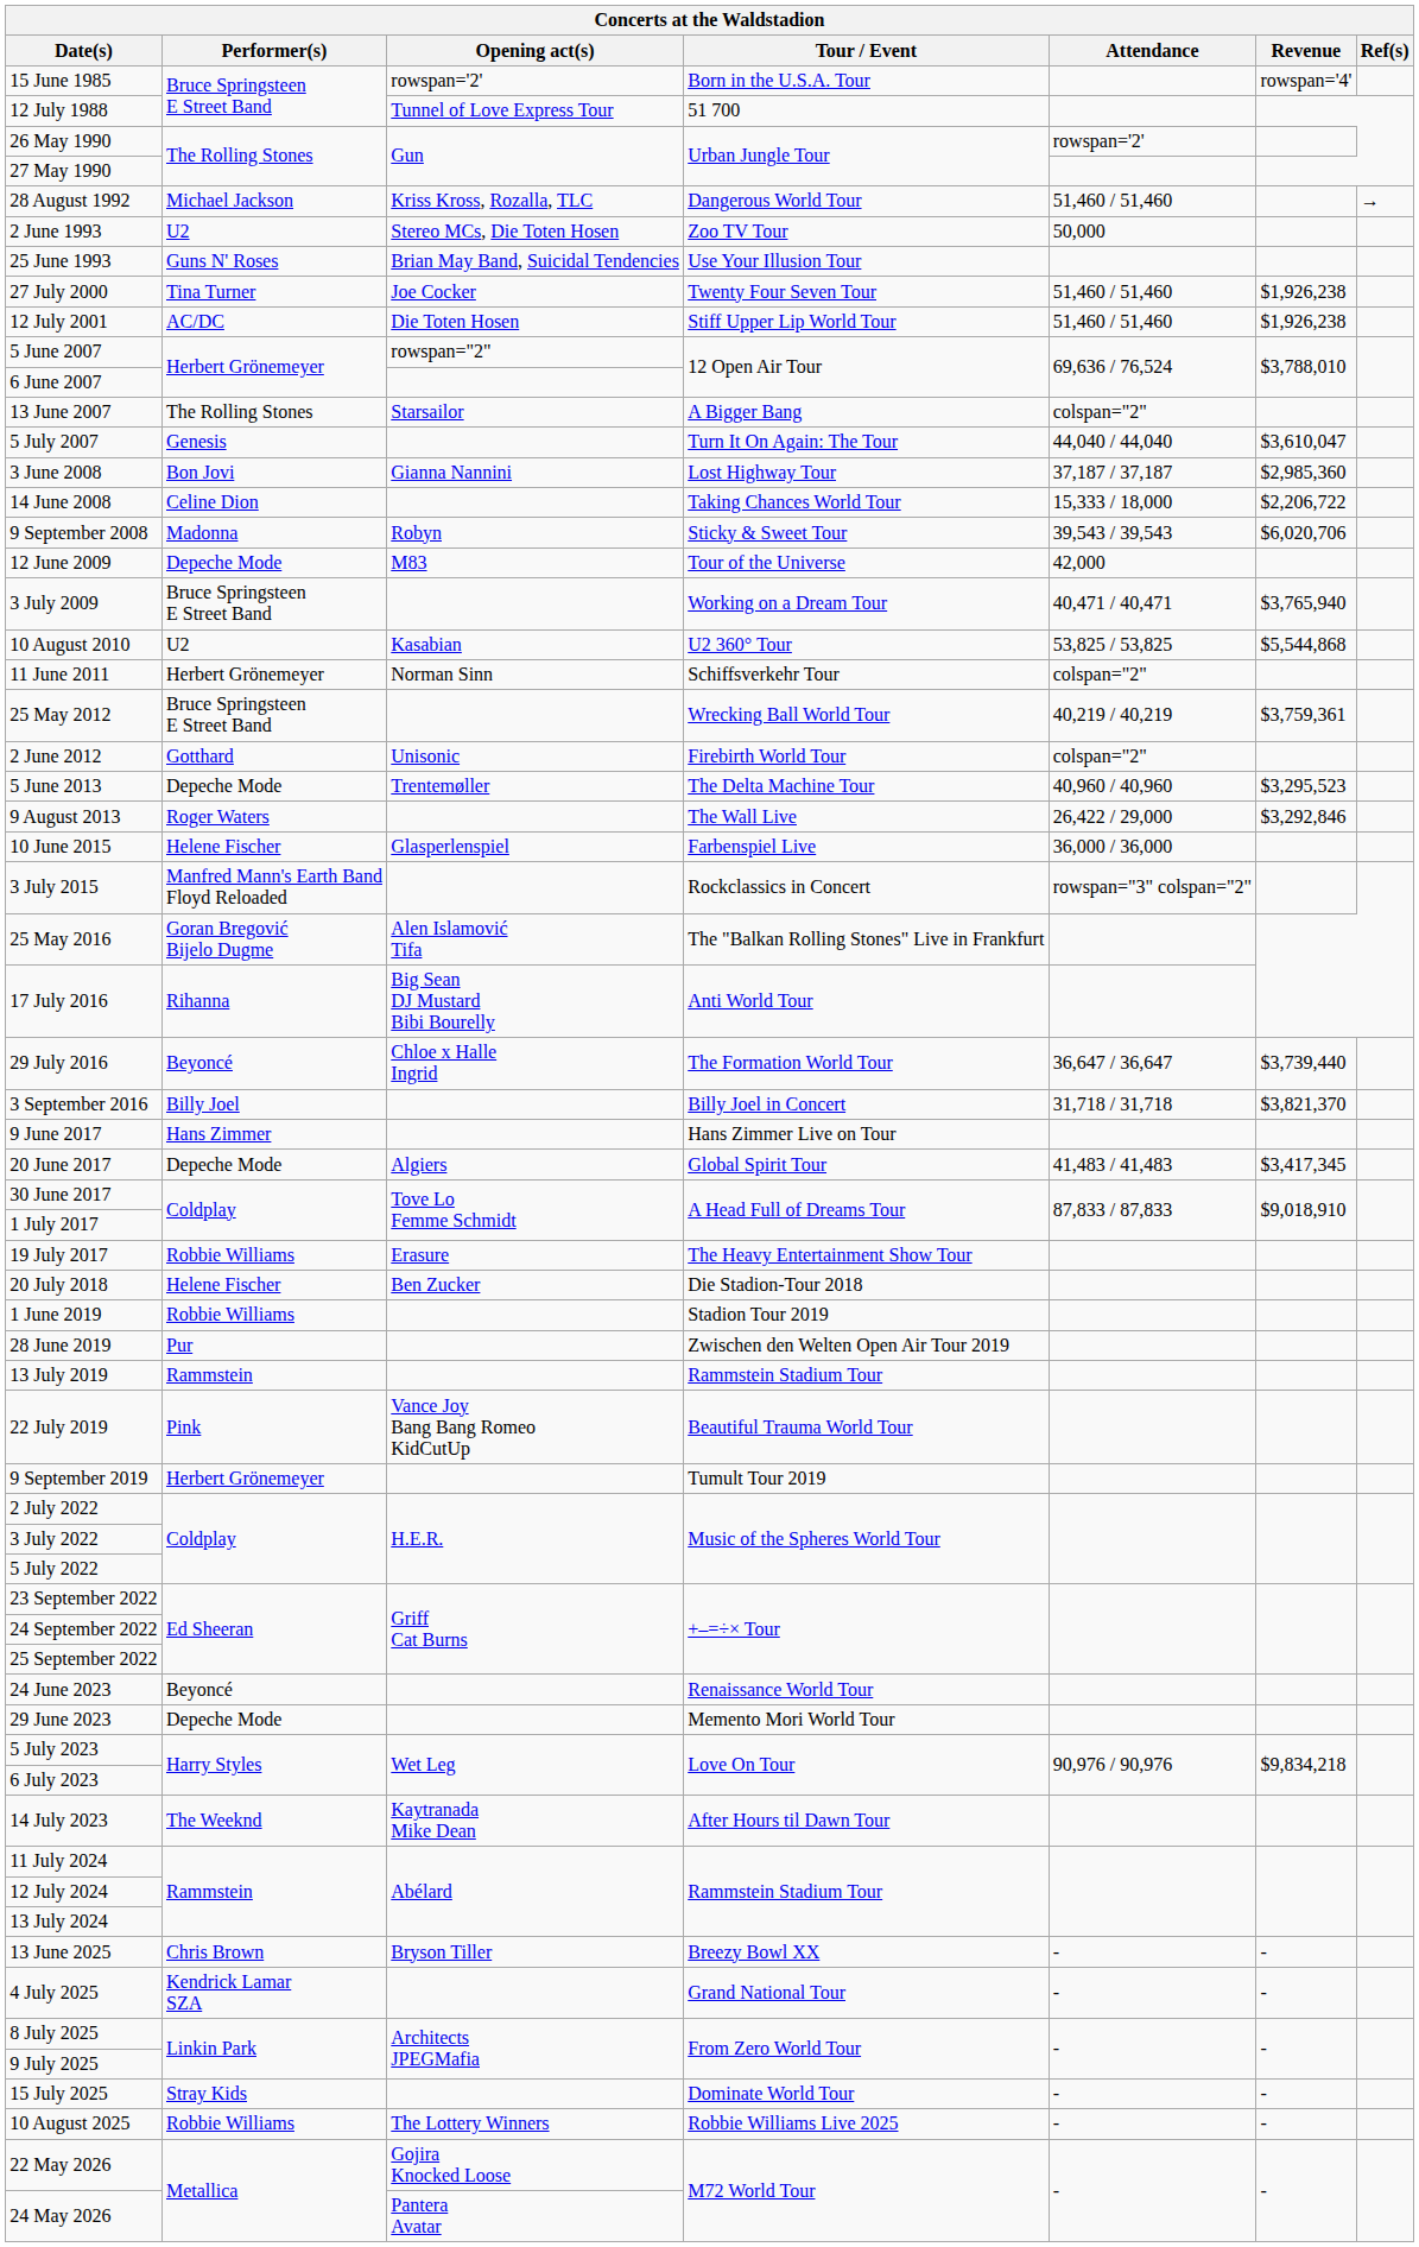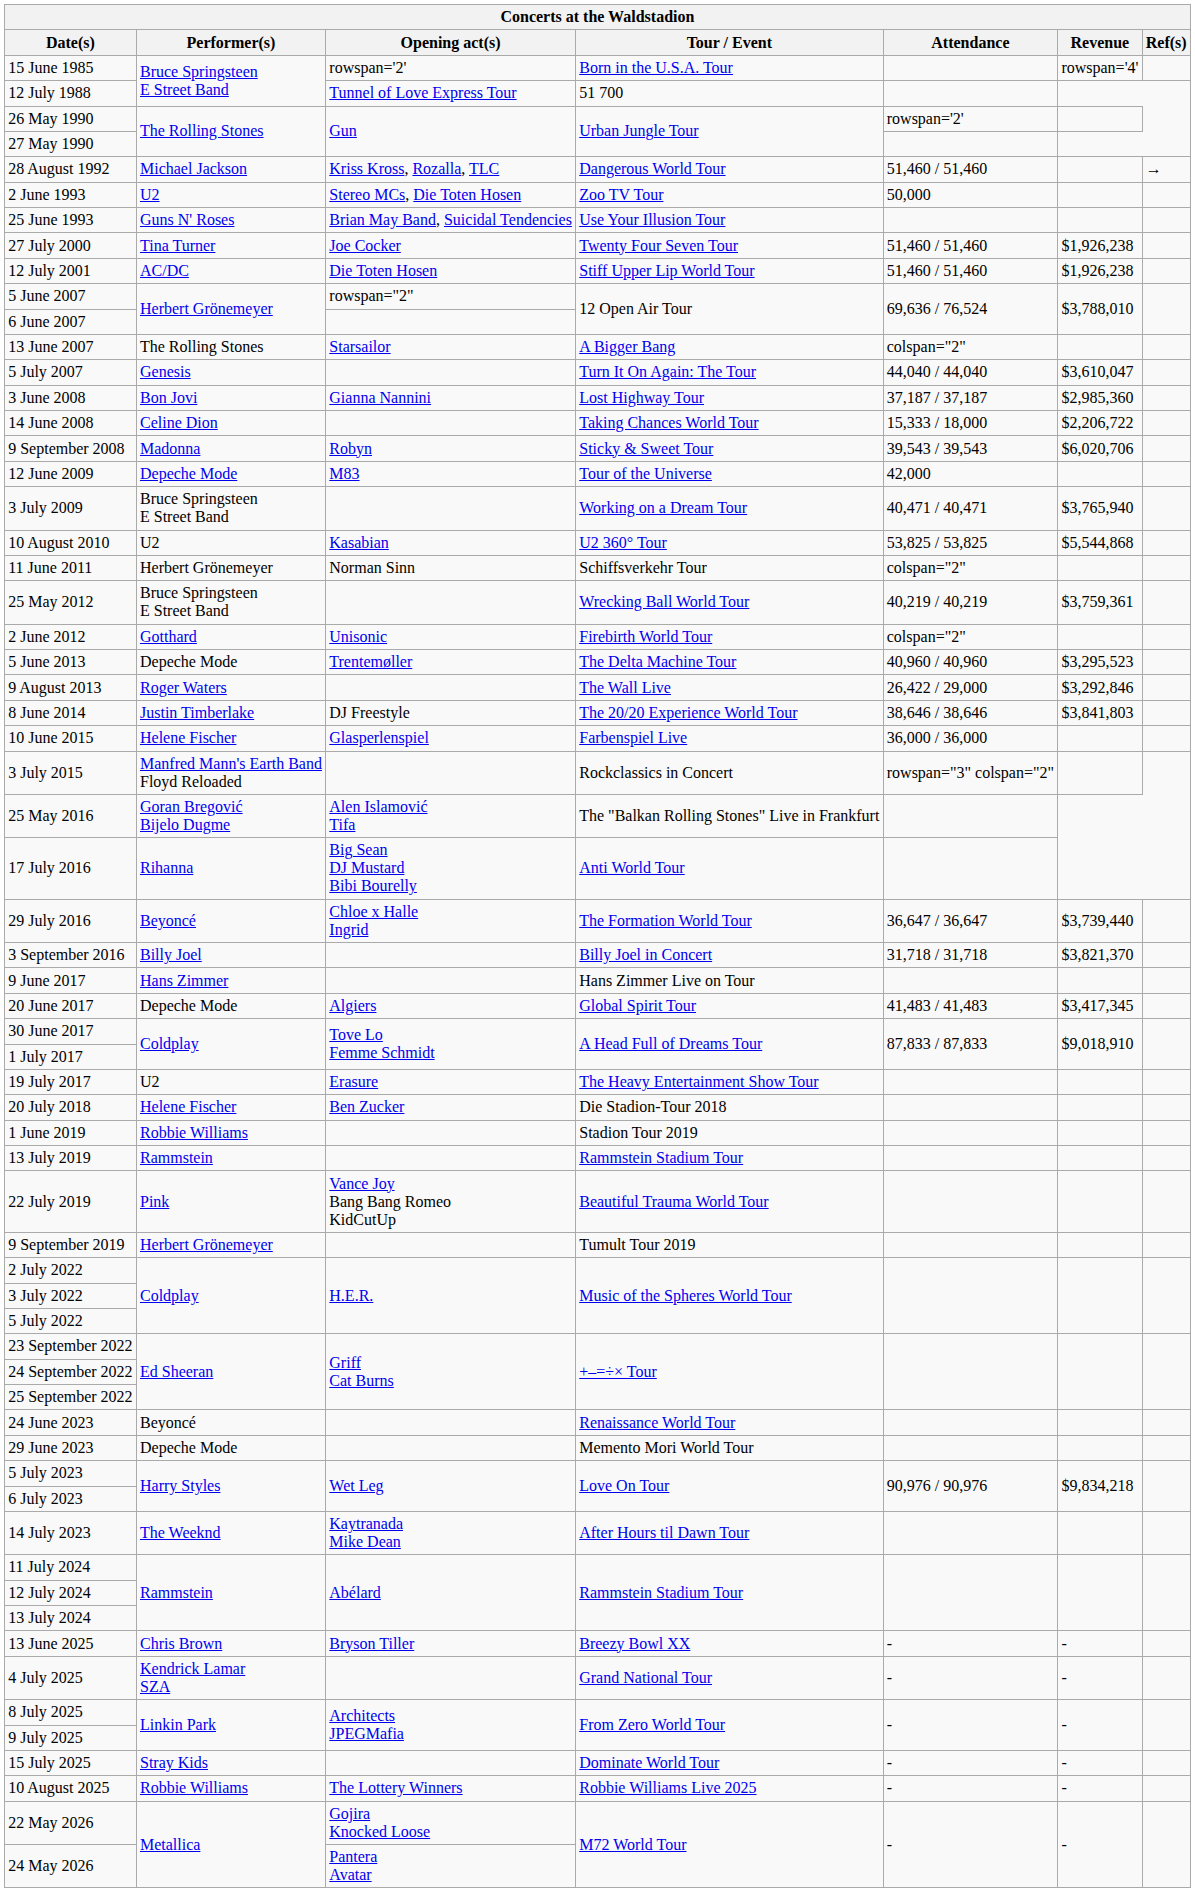 <table class="wikitable mw-collapsible collapsible collapsed">
 <tr>
 <th colspan="7">Concerts at the Waldstadion</th>
 </tr>
 <tr>
 <th>Date(s)</th>
 <th>Performer(s)</th>
 <th>Opening act(s)</th>
 <th>Tour / Event</th>
 <th>Attendance</th>
 <th>Revenue</th>
 <th>Ref(s)</th>
 </tr>
 <tr>
 <td>15 June 1985</td>
 <td rowspan='2'><a href='#'>Bruce Springsteen</a><br><a href='#'>E Street Band</a></td>
 <td>rowspan='2'</td>
 <td><a href='#'>Born in the U.S.A. Tour</a></td>
 <td></td>
 <td>rowspan='4'</td>
 <td></td>
 </tr>
 <tr>
 <td>12 July 1988</td>
 <td><a href='#'>Tunnel of Love Express Tour</a></td>
 <td>51 700</td>
 <td></td>
 </tr>
 <tr>
 <td>26 May 1990</td>
 <td rowspan='2'><a href='#'>The Rolling Stones</a></td>
 <td rowspan='2'><a href='#'>Gun</a></td>
 <td rowspan='2'><a href='#'>Urban Jungle Tour</a></td>
 <td>rowspan='2' </td>
 <td></td>
 </tr>
 <tr>
 <td>27 May 1990</td>
 <td></td>
 </tr>
 <tr>
 <td>28 August 1992</td>
 <td><a href='#'>Michael Jackson</a></td>
 <td><a href='#'>Kriss Kross</a>, <a href='#'>Rozalla</a>, <a href='#'>TLC</a></td>
 <td><a href='#'>Dangerous World Tour</a></td>
 <td>51,460 / 51,460</td>
 <td></td>
 <td>→</td>
 </tr>
 <tr>
 <td>2 June 1993</td>
 <td><a href='#'>U2</a></td>
 <td><a href='#'>Stereo MCs</a>, <a href='#'>Die Toten Hosen</a></td>
 <td><a href='#'>Zoo TV Tour</a></td>
 <td>50,000</td>
 <td></td>
 <td></td>
 </tr>
 <tr>
 <td>25 June 1993</td>
 <td><a href='#'>Guns N' Roses</a></td>
 <td><a href='#'>Brian May Band</a>, <a href='#'>Suicidal Tendencies</a></td>
 <td><a href='#'>Use Your Illusion Tour</a></td>
 <td></td>
 <td></td>
 <td></td>
 </tr>
 <tr>
 <td>27 July 2000</td>
 <td><a href='#'>Tina Turner</a></td>
 <td><a href='#'>Joe Cocker</a></td>
 <td><a href='#'>Twenty Four Seven Tour</a></td>
 <td>51,460 / 51,460</td>
 <td>$1,926,238</td>
 <td></td>
 </tr>
 <tr>
 <td>12 July 2001</td>
 <td><a href='#'>AC/DC</a></td>
 <td><a href='#'>Die Toten Hosen</a></td>
 <td><a href='#'>Stiff Upper Lip World Tour</a></td>
 <td>51,460 / 51,460</td>
 <td>$1,926,238</td>
 <td></td>
 </tr>
 <tr>
 <td>5 June 2007</td>
 <td rowspan="2"><a href='#'>Herbert Grönemeyer</a></td>
 <td>rowspan="2" </td>
 <td rowspan="2">12 Open Air Tour</td>
 <td rowspan="2">69,636 / 76,524</td>
 <td rowspan="2">$3,788,010</td>
 <td rowspan="2"></td>
 </tr>
 <tr>
 <td>6 June 2007</td>
 </tr>
 <tr>
 <td>13 June 2007</td>
 <td>The Rolling Stones</td>
 <td><a href='#'>Starsailor</a></td>
 <td><a href='#'>A Bigger Bang</a></td>
 <td>colspan="2" </td>
 <td></td>
 </tr>
 <tr>
 <td>5 July 2007</td>
 <td><a href='#'>Genesis</a></td>
 <td></td>
 <td><a href='#'>Turn It On Again: The Tour</a></td>
 <td>44,040 / 44,040</td>
 <td>$3,610,047</td>
 <td></td>
 </tr>
 <tr>
 <td>3 June 2008</td>
 <td><a href='#'>Bon Jovi</a></td>
 <td><a href='#'>Gianna Nannini</a></td>
 <td><a href='#'>Lost Highway Tour</a></td>
 <td>37,187 / 37,187</td>
 <td>$2,985,360</td>
 <td></td>
 </tr>
 <tr>
 <td>14 June 2008</td>
 <td><a href='#'>Celine Dion</a></td>
 <td></td>
 <td><a href='#'>Taking Chances World Tour</a></td>
 <td>15,333 / 18,000</td>
 <td>$2,206,722</td>
 <td></td>
 </tr>
 <tr>
 <td>9 September 2008</td>
 <td><a href='#'>Madonna</a></td>
 <td><a href='#'>Robyn</a></td>
 <td><a href='#'>Sticky & Sweet Tour</a></td>
 <td>39,543 / 39,543</td>
 <td>$6,020,706</td>
 <td></td>
 </tr>
 <tr>
 <td>12 June 2009</td>
 <td><a href='#'>Depeche Mode</a></td>
 <td><a href='#'>M83</a></td>
 <td><a href='#'>Tour of the Universe</a></td>
 <td>42,000</td>
 <td></td>
 <td></td>
 </tr>
 <tr>
 <td>3 July 2009</td>
 <td>Bruce Springsteen<br>E Street Band</td>
 <td></td>
 <td><a href='#'>Working on a Dream Tour</a></td>
 <td>40,471 / 40,471</td>
 <td>$3,765,940</td>
 <td></td>
 </tr>
 <tr>
 <td>10 August 2010</td>
 <td>U2</td>
 <td><a href='#'>Kasabian</a></td>
 <td><a href='#'>U2 360° Tour</a></td>
 <td>53,825 / 53,825</td>
 <td>$5,544,868</td>
 <td></td>
 </tr>
 <tr>
 <td>11 June 2011</td>
 <td>Herbert Grönemeyer</td>
 <td>Norman Sinn</td>
 <td>Schiffsverkehr Tour</td>
 <td>colspan="2" </td>
 <td></td>
 </tr>
 <tr>
 <td>25 May 2012</td>
 <td>Bruce Springsteen<br>E Street Band</td>
 <td></td>
 <td><a href='#'>Wrecking Ball World Tour</a></td>
 <td>40,219 / 40,219</td>
 <td>$3,759,361</td>
 <td></td>
 </tr>
 <tr>
 <td>2 June 2012</td>
 <td><a href='#'>Gotthard</a></td>
 <td><a href='#'>Unisonic</a></td>
 <td><a href='#'>Firebirth World Tour</a></td>
 <td>colspan="2" </td>
 <td></td>
 </tr>
 <tr>
 <td>5 June 2013</td>
 <td>Depeche Mode</td>
 <td><a href='#'>Trentemøller</a></td>
 <td><a href='#'>The Delta Machine Tour</a></td>
 <td>40,960 / 40,960</td>
 <td>$3,295,523</td>
 <td></td>
 </tr>
 <tr>
 <td>9 August 2013</td>
 <td><a href='#'>Roger Waters</a></td>
 <td></td>
 <td><a href='#'>The Wall Live</a></td>
 <td>26,422 / 29,000</td>
 <td>$3,292,846</td>
 <td></td>
 </tr>
 <tr>
+<td>8 June 2014</td>
+<td><a href='#'>Justin Timberlake</a></td>
+<td>DJ Freestyle</td>
+<td><a href='#'>The 20/20 Experience World Tour</a></td>
+<td>38,646 / 38,646</td>
+<td>$3,841,803</td>
+<td></td>
+</tr>
+<tr>
 <td>10 June 2015</td>
 <td><a href='#'>Helene Fischer</a></td>
 <td><a href='#'>Glasperlenspiel</a></td>
 <td><a href='#'>Farbenspiel Live</a></td>
 <td>36,000 / 36,000</td>
 <td></td>
 <td></td>
 </tr>
 <tr>
 <td>3 July 2015</td>
 <td><a href='#'>Manfred Mann's Earth Band</a><br>Floyd Reloaded</td>
 <td></td>
 <td>Rockclassics in Concert</td>
 <td>rowspan="3" colspan="2" </td>
 <td></td>
 </tr>
 <tr>
 <td>25 May 2016</td>
 <td><a href='#'>Goran Bregović</a><br><a href='#'>Bijelo Dugme</a></td>
 <td><a href='#'>Alen Islamović</a><br><a href='#'>Tifa</a></td>
 <td>The "Balkan Rolling Stones" Live in Frankfurt</td>
 <td></td>
 </tr>
 <tr>
 <td>17 July 2016</td>
 <td><a href='#'>Rihanna</a></td>
 <td><a href='#'>Big Sean</a><br><a href='#'>DJ Mustard</a><br><a href='#'>Bibi Bourelly</a></td>
 <td><a href='#'>Anti World Tour</a></td>
 <td></td>
 </tr>
 <tr>
 <td>29 July 2016</td>
 <td><a href='#'>Beyoncé</a></td>
 <td><a href='#'>Chloe x Halle</a><br><a href='#'>Ingrid</a></td>
 <td><a href='#'>The Formation World Tour</a></td>
 <td>36,647 / 36,647</td>
 <td>$3,739,440</td>
 <td></td>
 </tr>
 <tr>
 <td>3 September 2016</td>
 <td><a href='#'>Billy Joel</a></td>
 <td></td>
 <td><a href='#'>Billy Joel in Concert</a></td>
 <td>31,718 / 31,718</td>
 <td>$3,821,370</td>
 <td></td>
 </tr>
 <tr>
 <td>9 June 2017</td>
 <td><a href='#'>Hans Zimmer</a></td>
 <td></td>
 <td>Hans Zimmer Live on Tour</td>
 <td></td>
 <td></td>
 <td></td>
 </tr>
 <tr>
 <td>20 June 2017</td>
 <td>Depeche Mode</td>
 <td><a href='#'>Algiers</a></td>
 <td><a href='#'>Global Spirit Tour</a></td>
 <td>41,483 / 41,483</td>
 <td>$3,417,345</td>
 <td></td>
 </tr>
 <tr>
 <td>30 June 2017</td>
 <td rowspan="2"><a href='#'>Coldplay</a></td>
 <td rowspan="2"><a href='#'>Tove Lo</a><br><a href='#'>Femme Schmidt</a></td>
 <td rowspan="2"><a href='#'>A Head Full of Dreams Tour</a></td>
 <td rowspan="2">87,833 / 87,833</td>
 <td rowspan="2">$9,018,910</td>
 <td rowspan="2"></td>
 </tr>
 <tr>
 <td>1 July 2017</td>
 </tr>
 <tr>
 <td>19 July 2017</td>
-<td><a href='#'>Robbie Williams</a></td>
+<td>U2</td>
 <td><a href='#'>Erasure</a></td>
 <td><a href='#'>The Heavy Entertainment Show Tour</a></td>
 <td></td>
 <td></td>
 <td></td>
 </tr>
 <tr>
 <td>20 July 2018</td>
 <td><a href='#'>Helene Fischer</a></td>
 <td><a href='#'>Ben Zucker</a></td>
 <td>Die Stadion-Tour 2018</td>
 <td></td>
 <td></td>
 <td></td>
 </tr>
 <tr>
 <td>1 June 2019</td>
 <td><a href='#'>Robbie Williams</a></td>
 <td></td>
 <td>Stadion Tour 2019</td>
-<td></td>
-<td></td>
-<td></td>
-</tr>
-<tr>
-<td>28 June 2019</td>
-<td><a href='#'>Pur</a></td>
-<td></td>
-<td>Zwischen den Welten Open Air Tour 2019</td>
 <td></td>
 <td></td>
 <td></td>
 </tr>
 <tr>
 <td>13 July 2019</td>
 <td><a href='#'>Rammstein</a></td>
 <td></td>
 <td><a href='#'>Rammstein Stadium Tour</a></td>
 <td></td>
 <td></td>
 <td></td>
 </tr>
 <tr>
 <td>22 July 2019</td>
 <td><a href='#'>Pink</a></td>
 <td><a href='#'>Vance Joy</a><br>Bang Bang Romeo<br>KidCutUp</td>
 <td><a href='#'>Beautiful Trauma World Tour</a></td>
 <td></td>
 <td></td>
 <td></td>
 </tr>
 <tr>
 <td>9 September 2019</td>
 <td><a href='#'>Herbert Grönemeyer</a></td>
 <td></td>
 <td>Tumult Tour 2019</td>
 <td></td>
 <td></td>
 <td></td>
 </tr>
 <tr>
 <td>2 July 2022</td>
 <td rowspan="3"><a href='#'>Coldplay</a></td>
 <td rowspan="3"><a href='#'>H.E.R.</a></td>
 <td rowspan="3"><a href='#'>Music of the Spheres World Tour</a></td>
 <td rowspan="3"></td>
 <td rowspan="3"></td>
 <td rowspan="3"></td>
 </tr>
 <tr>
 <td>3 July 2022</td>
 </tr>
 <tr>
 <td>5 July 2022</td>
 </tr>
 <tr>
 <td>23 September 2022</td>
 <td rowspan="3"><a href='#'>Ed Sheeran</a></td>
 <td rowspan="3"><a href='#'>Griff</a> <br> <a href='#'>Cat Burns</a></td>
 <td rowspan="3"><a href='#'>+–=÷× Tour</a></td>
 <td rowspan="3"></td>
 <td rowspan="3"></td>
 <td rowspan="3"></td>
 </tr>
 <tr>
 <td>24 September 2022</td>
 </tr>
 <tr>
 <td>25 September 2022</td>
 </tr>
 <tr>
 <td>24 June 2023</td>
 <td>Beyoncé</td>
 <td></td>
 <td><a href='#'>Renaissance World Tour</a></td>
 <td></td>
 <td></td>
 <td> </td>
 </tr>
 <tr>
 <td>29 June 2023</td>
 <td>Depeche Mode</td>
 <td></td>
 <td>Memento Mori World Tour</td>
 <td></td>
 <td></td>
 <td></td>
 </tr>
 <tr>
 <td>5 July 2023</td>
 <td rowspan="2"><a href='#'>Harry Styles</a></td>
 <td rowspan="2"><a href='#'>Wet Leg</a></td>
 <td rowspan="2"><a href='#'>Love On Tour</a></td>
 <td rowspan="2">90,976 / 90,976</td>
 <td rowspan="2">$9,834,218</td>
 <td rowspan="2"></td>
 </tr>
 <tr>
 <td>6 July 2023</td>
 </tr>
 <tr>
 <td>14 July 2023</td>
 <td><a href='#'>The Weeknd</a></td>
 <td><a href='#'>Kaytranada</a><br><a href='#'>Mike Dean</a></td>
 <td><a href='#'>After Hours til Dawn Tour</a></td>
 <td></td>
 <td></td>
 <td></td>
 </tr>
 <tr>
 <td>11 July 2024</td>
 <td rowspan="3"><a href='#'>Rammstein</a></td>
 <td rowspan="3"><a href='#'>Abélard</a></td>
 <td rowspan="3"><a href='#'>Rammstein Stadium Tour</a></td>
 <td rowspan="3"></td>
 <td rowspan="3"></td>
 <td rowspan="3"></td>
 </tr>
 <tr>
 <td>12 July 2024</td>
 </tr>
 <tr>
 <td>13 July 2024</td>
 </tr>
 <tr>
 <td>13 June 2025</td>
 <td><a href='#'>Chris Brown</a></td>
 <td><a href='#'>Bryson Tiller</a></td>
 <td><a href='#'>Breezy Bowl XX</a></td>
 <td>-</td>
 <td>-</td>
 <td></td>
 </tr>
 <tr>
 <td>4 July 2025</td>
 <td><a href='#'>Kendrick Lamar</a><br><a href='#'>SZA</a></td>
 <td></td>
 <td><a href='#'>Grand National Tour</a></td>
 <td>-</td>
 <td>-</td>
 <td></td>
 </tr>
 <tr>
 <td>8 July 2025</td>
 <td rowspan="2"><a href='#'>Linkin Park</a></td>
 <td rowspan="2"><a href='#'>Architects</a> <br> <a href='#'>JPEGMafia</a></td>
 <td rowspan="2"><a href='#'>From Zero World Tour</a></td>
 <td rowspan="2">-</td>
 <td rowspan="2">-</td>
 <td rowspan="2"></td>
 </tr>
 <tr>
 <td>9 July 2025</td>
 </tr>
 <tr>
 <td>15 July 2025</td>
 <td><a href='#'>Stray Kids</a></td>
 <td></td>
 <td><a href='#'>Dominate World Tour</a></td>
 <td>-</td>
 <td>-</td>
 <td></td>
 </tr>
 <tr>
 <td>10 August 2025</td>
 <td><a href='#'>Robbie Williams</a></td>
 <td><a href='#'>The Lottery Winners</a></td>
 <td><a href='#'>Robbie Williams Live 2025</a></td>
 <td>-</td>
 <td>-</td>
 <td></td>
 </tr>
 <tr>
 <td>22 May 2026</td>
 <td rowspan="2"><a href='#'>Metallica</a></td>
 <td><a href='#'>Gojira</a> <br> <a href='#'>Knocked Loose</a></td>
 <td rowspan="2"><a href='#'>M72 World Tour</a></td>
 <td rowspan="2">-</td>
 <td rowspan="2">-</td>
 <td rowspan="2"></td>
 </tr>
 <tr>
 <td>24 May 2026</td>
 <td><a href='#'>Pantera</a> <br> <a href='#'>Avatar</a></td>
 </tr>
 <tr>
 </tr>
 </table>
